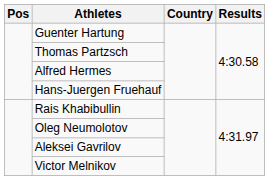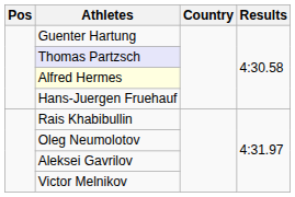 <table class="wikitable">
 <tr>
 <th>Pos</th>
 <th>Athletes</th>
 <th>Country</th>
 <th>Results</th>
 </tr>
 <tr>
 <td rowspan="4"></td>
 <td>Guenter Hartung</td>
 <td rowspan="4"></td>
 <td rowspan="4">4:30.58</td>
 </tr>
 <tr>
-<td>Thomas Partzsch</td>
+<td style="background: lavender;">Thomas Partzsch</td>
 </tr>
 <tr>
-<td>Alfred Hermes</td>
+<td style="background: lightyellow;">Alfred Hermes</td>
 </tr>
 <tr>
 <td>Hans-Juergen Fruehauf</td>
 </tr>
 <tr>
 <td rowspan="4"></td>
 <td>Rais Khabibullin</td>
 <td rowspan="4"></td>
 <td rowspan="4">4:31.97</td>
 </tr>
 <tr>
 <td>Oleg Neumolotov</td>
 </tr>
 <tr>
 <td>Aleksei Gavrilov</td>
 </tr>
 <tr>
 <td>Victor Melnikov</td>
 </tr>
 </table>
